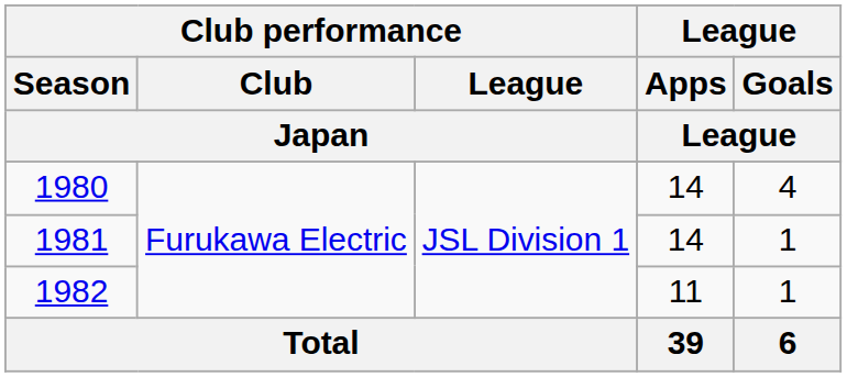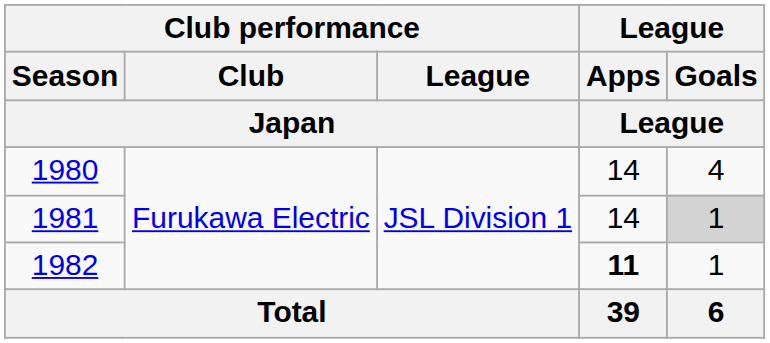 <table class="wikitable" style="text-align:center;">
 <tr>
 <th colspan=3>Club performance</th>
 <th colspan=2>League</th>
 </tr>
 <tr>
 <th>Season</th>
 <th>Club</th>
 <th>League</th>
 <th>Apps</th>
 <th>Goals</th>
 </tr>
 <tr>
 <th colspan=3>Japan</th>
 <th colspan=2>League</th>
 </tr>
 <tr>
 <td><a href='#'>1980</a></td>
 <td rowspan="3"><a href='#'>Furukawa Electric</a></td>
 <td rowspan="3"><a href='#'>JSL Division 1</a></td>
 <td>14</td>
 <td>4</td>
 </tr>
 <tr>
 <td><a href='#'>1981</a></td>
 <td>14</td>
-<td>1</td>
+<td style="background: lightgrey;">1</td>
 </tr>
 <tr>
 <td><a href='#'>1982</a></td>
-<td>11</td>
+<td><strong>11</strong></td>
 <td>1</td>
 </tr>
 <tr>
 <th colspan=3>Total</th>
 <th>39</th>
 <th>6</th>
 </tr>
 </table>
